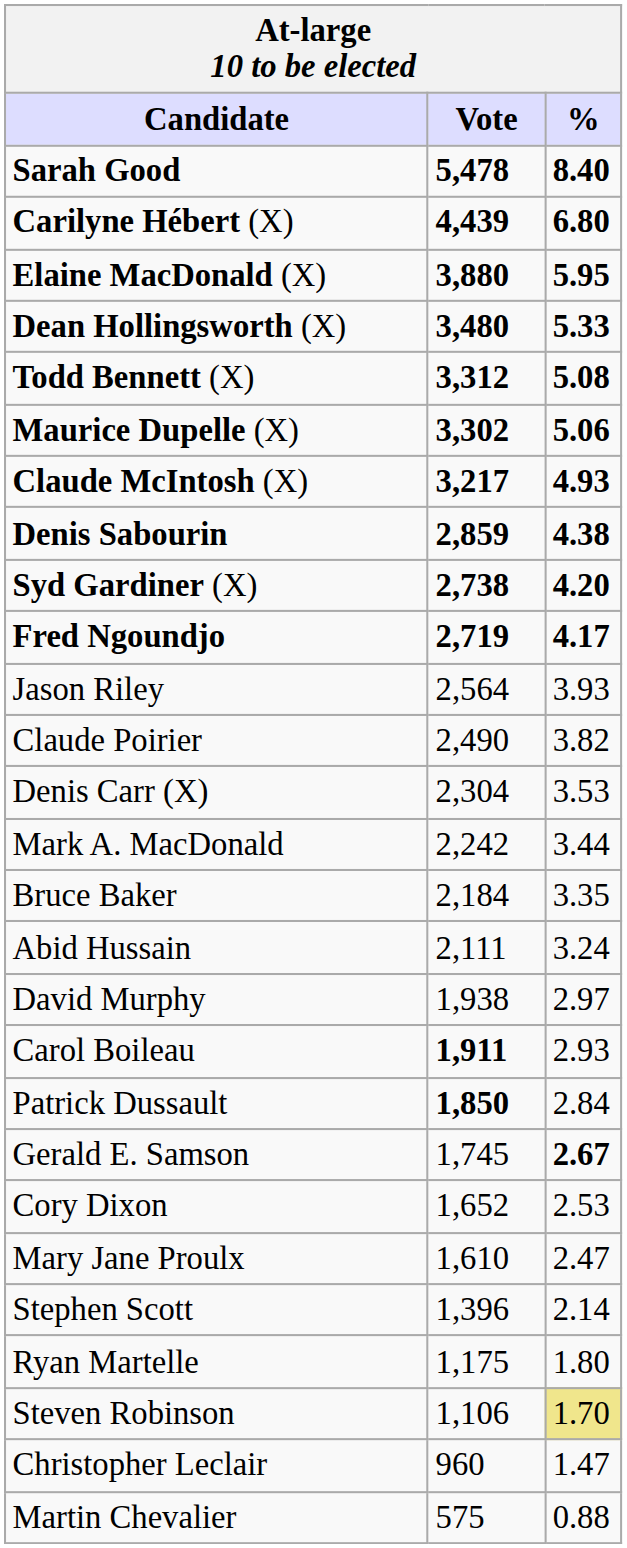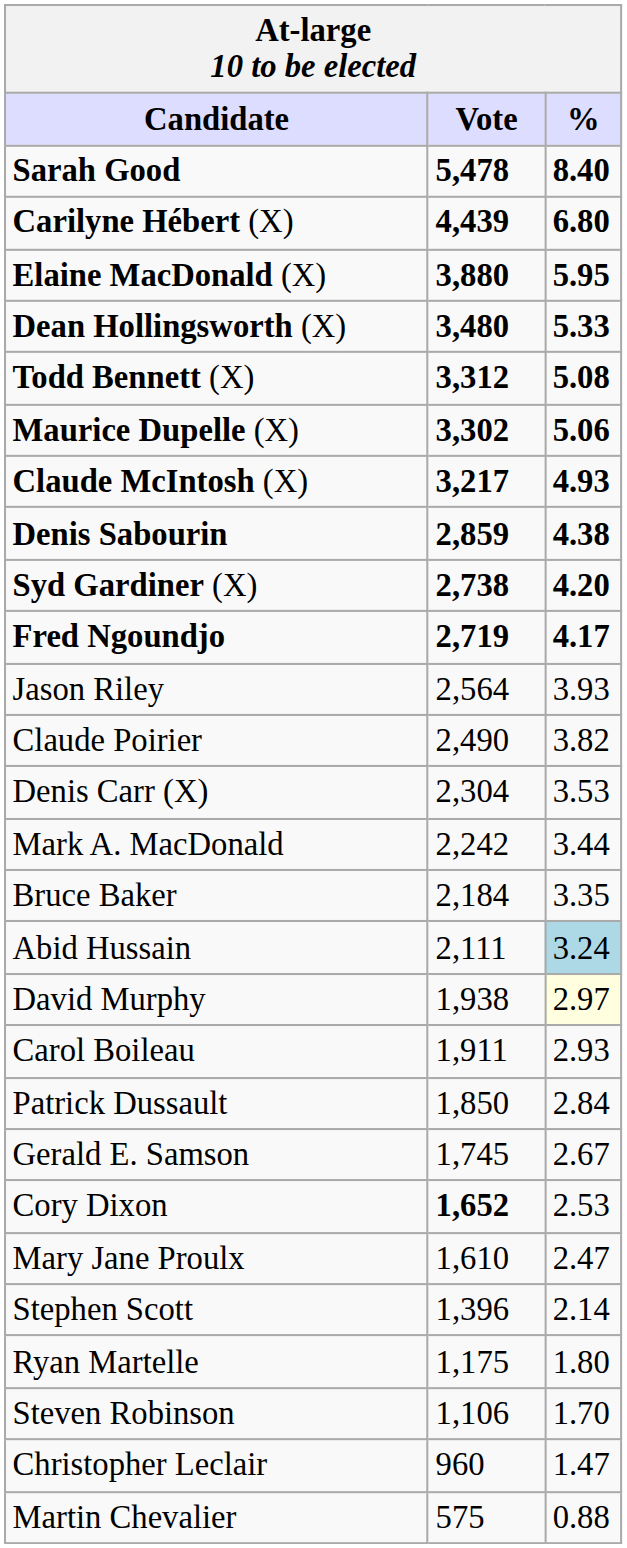 <table class=wikitable>
 <tr>
 <th colspan="3">At-large <br> <em>10 to be elected</em></th>
 </tr>
 <tr>
 <th style="background:#ddf; width:200px;">Candidate</th>
 <th style="background:#ddf; width:50px;">Vote</th>
 <th style="background:#ddf; width:30px;">%</th>
 </tr>
 <tr>
 <td><strong>Sarah Good</strong></td>
 <td><strong>5,478</strong></td>
 <td><strong>8.40</strong></td>
 </tr>
 <tr>
 <td><strong>Carilyne Hébert</strong> (X)</td>
 <td><strong>4,439</strong></td>
 <td><strong>6.80</strong></td>
 </tr>
 <tr>
 <td><strong>Elaine MacDonald</strong> (X)</td>
 <td><strong>3,880</strong></td>
 <td><strong>5.95</strong></td>
 </tr>
 <tr>
 <td><strong>Dean Hollingsworth</strong> (X)</td>
 <td><strong>3,480</strong></td>
 <td><strong>5.33</strong></td>
 </tr>
 <tr>
 <td><strong>Todd Bennett</strong> (X)</td>
 <td><strong>3,312</strong></td>
 <td><strong>5.08</strong></td>
 </tr>
 <tr>
 <td><strong>Maurice Dupelle</strong> (X)</td>
 <td><strong>3,302</strong></td>
 <td><strong>5.06</strong></td>
 </tr>
 <tr>
 <td><strong>Claude McIntosh</strong> (X)</td>
 <td><strong>3,217</strong></td>
 <td><strong>4.93</strong></td>
 </tr>
 <tr>
 <td><strong>Denis Sabourin</strong></td>
 <td><strong>2,859</strong></td>
 <td><strong>4.38</strong></td>
 </tr>
 <tr>
 <td><strong>Syd Gardiner</strong> (X)</td>
 <td><strong>2,738</strong></td>
 <td><strong>4.20</strong></td>
 </tr>
 <tr>
 <td><strong>Fred Ngoundjo</strong></td>
 <td><strong>2,719</strong></td>
 <td><strong>4.17</strong></td>
 </tr>
 <tr>
 <td>Jason Riley</td>
 <td>2,564</td>
 <td>3.93</td>
 </tr>
 <tr>
 <td>Claude Poirier</td>
 <td>2,490</td>
 <td>3.82</td>
 </tr>
 <tr>
 <td>Denis Carr (X)</td>
 <td>2,304</td>
 <td>3.53</td>
 </tr>
 <tr>
 <td>Mark A. MacDonald</td>
 <td>2,242</td>
 <td>3.44</td>
 </tr>
 <tr>
 <td>Bruce Baker</td>
 <td>2,184</td>
 <td>3.35</td>
 </tr>
 <tr>
 <td>Abid Hussain</td>
 <td>2,111</td>
-<td>3.24</td>
+<td style="background: lightblue;">3.24</td>
 </tr>
 <tr>
 <td>David Murphy</td>
 <td>1,938</td>
-<td>2.97</td>
+<td style="background: lightyellow;">2.97</td>
 </tr>
 <tr>
 <td>Carol Boileau</td>
-<td><strong>1,911</strong></td>
+<td>1,911</td>
 <td>2.93</td>
 </tr>
 <tr>
 <td>Patrick Dussault</td>
-<td><strong>1,850</strong></td>
+<td>1,850</td>
 <td>2.84</td>
 </tr>
 <tr>
 <td>Gerald E. Samson</td>
 <td>1,745</td>
-<td><strong>2.67</strong></td>
+<td>2.67</td>
 </tr>
 <tr>
 <td>Cory Dixon</td>
-<td>1,652</td>
+<td><strong>1,652</strong></td>
 <td>2.53</td>
 </tr>
 <tr>
 <td>Mary Jane Proulx</td>
 <td>1,610</td>
 <td>2.47</td>
 </tr>
 <tr>
 <td>Stephen Scott</td>
 <td>1,396</td>
 <td>2.14</td>
 </tr>
 <tr>
 <td>Ryan Martelle</td>
 <td>1,175</td>
 <td>1.80</td>
 </tr>
 <tr>
 <td>Steven Robinson</td>
 <td>1,106</td>
-<td style="background: khaki;">1.70</td>
+<td>1.70</td>
 </tr>
 <tr>
 <td>Christopher Leclair</td>
 <td>960</td>
 <td>1.47</td>
 </tr>
 <tr>
 <td>Martin Chevalier</td>
 <td>575</td>
 <td>0.88</td>
 </tr>
 </table>
